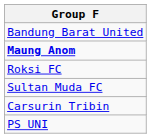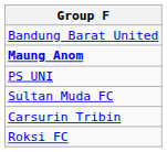 <table class="wikitable">
 <tr>
 <th><strong>Group F</strong></th>
 </tr>
 <tr>
 <td><a href='#'>Bandung Barat United</a></td>
 </tr>
 <tr>
 <td><strong><a href='#'>Maung Anom</a></strong></td>
 </tr>
 <tr>
-<td><a href='#'>Roksi FC</a></td>
+<td><a href='#'>PS UNI</a></td>
 </tr>
 <tr>
 <td><a href='#'>Sultan Muda FC</a></td>
 </tr>
 <tr>
 <td><a href='#'>Carsurin Tribin</a></td>
 </tr>
 <tr>
-<td><a href='#'>PS UNI</a></td>
+<td><a href='#'>Roksi FC</a></td>
 </tr>
 </table>
